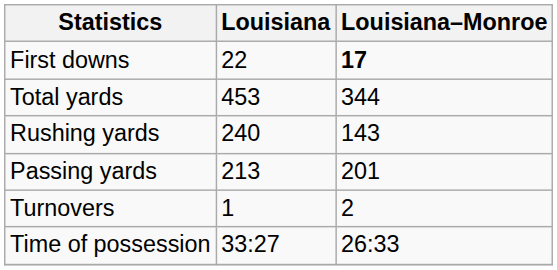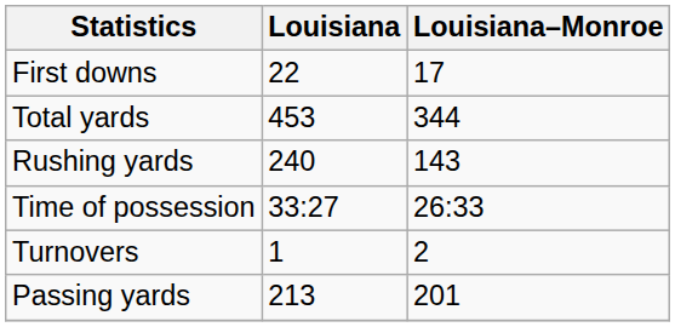 <table class="wikitable">
 <tr>
 <th>Statistics</th>
 <th>Louisiana</th>
 <th>Louisiana–Monroe</th>
 </tr>
 <tr>
 <td>First downs</td>
 <td>22</td>
-<td><strong>17</strong></td>
+<td>17</td>
 </tr>
 <tr>
 <td>Total yards</td>
 <td>453</td>
 <td>344</td>
 </tr>
 <tr>
 <td>Rushing yards</td>
 <td>240</td>
 <td>143</td>
 </tr>
 <tr>
-<td>Passing yards</td>
-<td>213</td>
-<td>201</td>
+<td>Time of possession</td>
+<td>33:27</td>
+<td>26:33</td>
 </tr>
 <tr>
 <td>Turnovers</td>
 <td>1</td>
 <td>2</td>
 </tr>
 <tr>
-<td>Time of possession</td>
-<td>33:27</td>
-<td>26:33</td>
+<td>Passing yards</td>
+<td>213</td>
+<td>201</td>
 </tr>
 <tr>
 </tr>
 </table>
